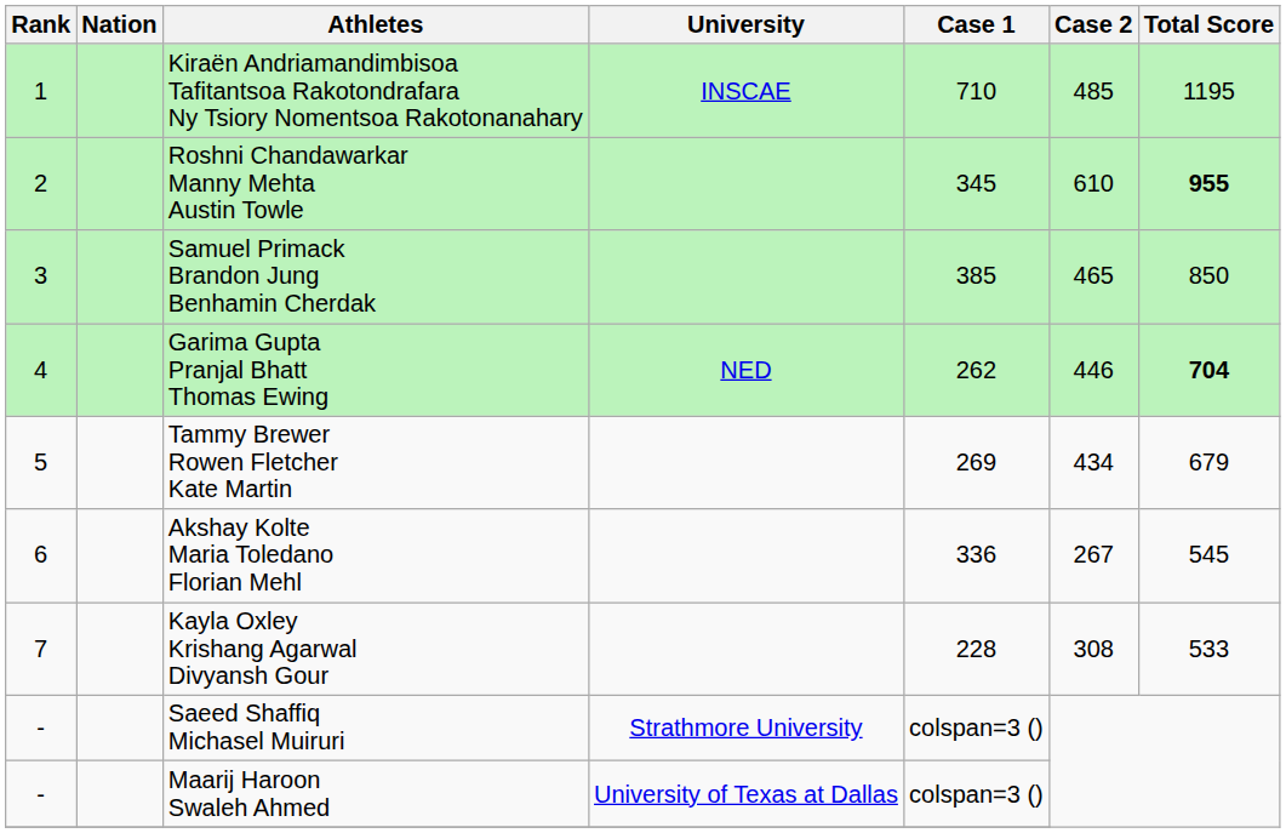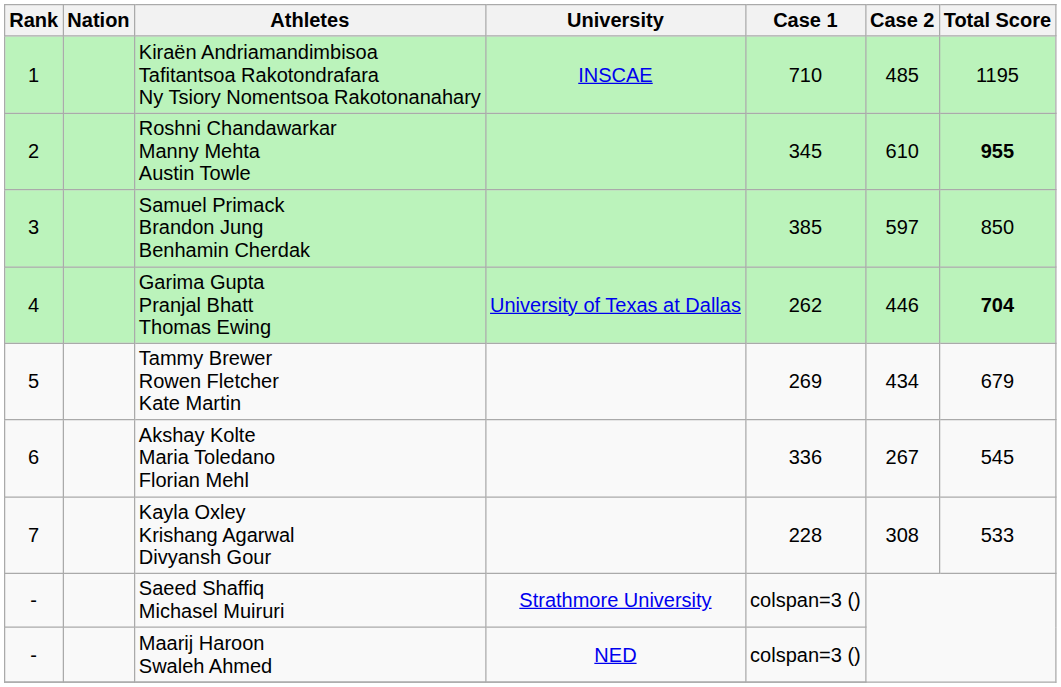 <table class="wikitable sortable" style="text-align:center">
 <tr>
 <th>Rank</th>
 <th>Nation</th>
 <th>Athletes</th>
 <th>University</th>
 <th>Case 1</th>
 <th>Case 2</th>
 <th>Total Score</th>
 </tr>
 <tr bgcolor=bbf3bb>
 <td>1</td>
 <td align=left></td>
 <td align=left>Kiraën Andriamandimbisoa<br>Tafitantsoa Rakotondrafara<br>Ny Tsiory Nomentsoa Rakotonanahary</td>
 <td><a href='#'>INSCAE</a></td>
 <td>710</td>
 <td>485</td>
 <td>1195</td>
 </tr>
 <tr bgcolor=bbf3bb>
 <td>2</td>
 <td align=left></td>
 <td align=left>Roshni Chandawarkar<br>Manny Mehta<br>Austin Towle</td>
 <td></td>
 <td>345</td>
 <td>610</td>
 <td><strong>955</strong></td>
 </tr>
 <tr bgcolor=bbf3bb>
 <td>3</td>
 <td align=left></td>
 <td align=left>Samuel Primack<br>Brandon Jung<br>Benhamin Cherdak</td>
 <td></td>
 <td>385</td>
-<td>465</td>
+<td>597</td>
 <td>850</td>
 </tr>
 <tr bgcolor=bbf3bb>
 <td>4</td>
 <td align=left></td>
 <td align=left>Garima Gupta<br>Pranjal Bhatt<br>Thomas Ewing</td>
-<td><a href='#'>NED</a></td>
+<td><a href='#'>University of Texas at Dallas</a></td>
 <td>262</td>
 <td>446</td>
 <td><strong>704</strong></td>
 </tr>
 <tr>
 <td>5</td>
 <td align=left></td>
 <td align=left>Tammy Brewer<br>Rowen Fletcher<br>Kate Martin</td>
 <td></td>
 <td>269</td>
 <td>434</td>
 <td>679</td>
 </tr>
 <tr>
 <td>6</td>
 <td align=left></td>
 <td align=left>Akshay Kolte<br>Maria Toledano<br>Florian Mehl</td>
 <td></td>
 <td>336</td>
 <td>267</td>
 <td>545</td>
 </tr>
 <tr>
 <td>7</td>
 <td align=left></td>
 <td align=left>Kayla Oxley<br>Krishang Agarwal<br>Divyansh Gour</td>
 <td></td>
 <td>228</td>
 <td>308</td>
 <td>533</td>
 </tr>
 <tr>
 <td>-</td>
 <td align=left></td>
 <td align=left>Saeed Shaffiq<br>Michasel Muiruri</td>
 <td><a href='#'>Strathmore University</a></td>
 <td>colspan=3  ()</td>
 </tr>
 <tr>
 <td>-</td>
 <td align=left></td>
 <td align=left>Maarij Haroon<br>Swaleh Ahmed</td>
-<td><a href='#'>University of Texas at Dallas</a></td>
+<td><a href='#'>NED</a></td>
 <td>colspan=3  ()</td>
 </tr>
 <tr>
 </tr>
 </table>
